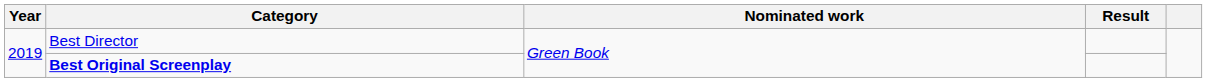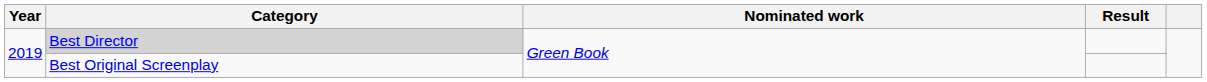 <table class="wikitable sortable">
 <tr>
 <th scope="col" style="width:1em;">Year</th>
 <th scope="col" style="width:33em;">Category</th>
 <th scope="col" style="width:39em;">Nominated work</th>
 <th scope="col" style="width:5em;">Result</th>
 <th scope="col" style="width:2em;" class="unsortable"></th>
 </tr>
 <tr>
 <td rowspan="2"><a href='#'>2019</a></td>
-<td><a href='#'>Best Director</a></td>
+<td style="background: lightgrey;"><a href='#'>Best Director</a></td>
 <td rowspan="2"><em><a href='#'>Green Book</a></em></td>
 <td></td>
 <td style="text-align:center;" rowspan="2"></td>
 </tr>
 <tr>
-<td><strong><a href='#'>Best Original Screenplay</a></strong></td>
+<td><a href='#'>Best Original Screenplay</a></td>
 <td></td>
 </tr>
 </table>
